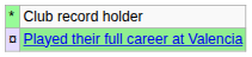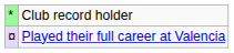 <table class="wikitable">
 <tr>
 <td style="background:#98fb98;">*</td>
 <td>Club record holder</td>
 </tr>
 <tr>
 <td style="background:#e3d9ff;">¤</td>
-<td style="background: lightgreen;"><a href='#'>Played their full career at Valencia</a></td>
+<td><a href='#'>Played their full career at Valencia</a></td>
 </tr>
 </table>
